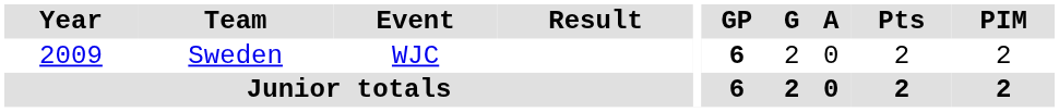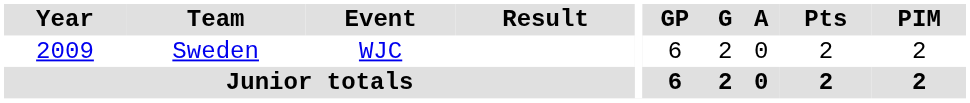 <table border="0" cellpadding="1" cellspacing="0" ID="Table3" style="text-align:center; width:40em">
 <tr ALIGN="center" bgcolor="#e0e0e0">
 <th>Year</th>
 <th>Team</th>
 <th>Event</th>
 <th>Result</th>
 <th rowspan="99" bgcolor="#ffffff"></th>
 <th>GP</th>
 <th>G</th>
 <th>A</th>
 <th>Pts</th>
 <th>PIM</th>
 </tr>
 <tr>
 <td><a href='#'>2009</a></td>
 <td><a href='#'>Sweden</a></td>
 <td><a href='#'>WJC</a></td>
 <td></td>
-<td><strong>6</strong></td>
+<td>6</td>
 <td>2</td>
 <td>0</td>
 <td>2</td>
 <td>2</td>
 </tr>
 <tr bgcolor="#e0e0e0">
 <th colspan="4">Junior totals</th>
 <th>6</th>
 <th>2</th>
 <th>0</th>
 <th>2</th>
 <th>2</th>
 </tr>
 </table>
